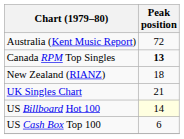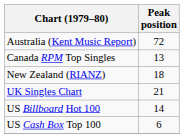 <table class="wikitable sortable">
 <tr>
 <th>Chart (1979–80)</th>
 <th>Peak<br>position</th>
 </tr>
 <tr>
 <td>Australia (<a href='#'>Kent Music Report</a>)</td>
 <td style="text-align:center;">72</td>
 </tr>
 <tr>
 <td>Canada <em><a href='#'>RPM</a></em> Top Singles</td>
-<td style="text-align:center;"><strong>13</strong></td>
+<td style="text-align:center;">13</td>
 </tr>
 <tr>
 <td>New Zealand (<a href='#'>RIANZ</a>)</td>
 <td style="text-align:center;">18</td>
 </tr>
 <tr>
 <td><a href='#'>UK Singles Chart</a></td>
 <td style="text-align:center;">21</td>
 </tr>
 <tr>
 <td>US <em><a href='#'>Billboard</a></em> <a href='#'>Hot 100</a></td>
-<td style="background: lightyellow; text-align:center;">14</td>
+<td style="text-align:center;">14</td>
 </tr>
 <tr>
 <td>US <a href='#'><em>Cash Box</em></a> Top 100</td>
 <td align="center">6</td>
 </tr>
 <tr>
 </tr>
 </table>
